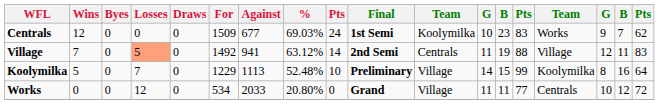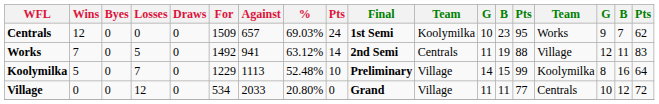 <table class="wikitable">
 <tr>
 <th style="color:crimson">WFL</th>
 <th style="color:crimson">Wins</th>
 <th style="color:crimson">Byes</th>
 <th style="color:crimson">Losses</th>
 <th style="color:crimson">Draws</th>
 <th style="color:crimson">For</th>
 <th style="color:crimson">Against</th>
 <th style="color:crimson">%</th>
 <th style="color:crimson">Pts</th>
 <th style="color:green">Final</th>
 <th style="color:green">Team</th>
 <th style="color:green">G</th>
 <th style="color:green">B</th>
 <th style="color:green">Pts</th>
 <th style="color:green">Team</th>
 <th style="color:green">G</th>
 <th style="color:green">B</th>
 <th style="color:green">Pts</th>
 </tr>
 <tr>
 <td><strong>	Centrals	</strong></td>
 <td>12</td>
 <td>0</td>
 <td>0</td>
 <td>0</td>
 <td>1509</td>
-<td>677</td>
+<td>657</td>
 <td>69.03%</td>
 <td>24</td>
 <td><strong>1st Semi</strong></td>
 <td>Koolymilka</td>
 <td>10</td>
 <td>23</td>
-<td>83</td>
+<td>95</td>
 <td>Works</td>
 <td>9</td>
 <td>7</td>
 <td>62</td>
 </tr>
 <tr>
-<td><strong>	Village	</strong></td>
+<td><strong>	Works	</strong></td>
 <td>7</td>
 <td>0</td>
-<td style="background: lightsalmon;">5</td>
+<td>5</td>
 <td>0</td>
 <td>1492</td>
 <td>941</td>
 <td>63.12%</td>
 <td>14</td>
 <td><strong>2nd Semi</strong></td>
 <td>Centrals</td>
 <td>11</td>
 <td>19</td>
 <td>88</td>
 <td>Village</td>
 <td>12</td>
 <td>11</td>
 <td>83</td>
 </tr>
 <tr>
 <td><strong>	Koolymilka	</strong></td>
 <td>5</td>
 <td>0</td>
 <td>7</td>
 <td>0</td>
 <td>1229</td>
 <td>1113</td>
 <td>52.48%</td>
 <td>10</td>
 <td><strong>Preliminary</strong></td>
 <td>Village</td>
 <td>14</td>
 <td>15</td>
 <td>99</td>
 <td>Koolymilka</td>
 <td>8</td>
 <td>16</td>
 <td>64</td>
 </tr>
 <tr>
-<td><strong>	Works	</strong></td>
+<td><strong>	Village	</strong></td>
 <td>0</td>
 <td>0</td>
 <td>12</td>
 <td>0</td>
 <td>534</td>
 <td>2033</td>
 <td>20.80%</td>
 <td>0</td>
 <td><strong>Grand</strong></td>
 <td>Village</td>
 <td>11</td>
 <td>11</td>
 <td>77</td>
 <td>Centrals</td>
 <td>10</td>
 <td>12</td>
 <td>72</td>
 </tr>
 <tr>
 </tr>
 </table>
